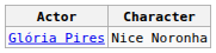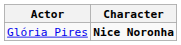 <table class="wikitable">
 <tr>
 <th>Actor</th>
 <th>Character</th>
 </tr>
 <tr>
 <td><a href='#'>Glória Pires</a></td>
-<td>Nice Noronha</td>
+<td><strong>Nice Noronha</strong></td>
 </tr>
 </table>
